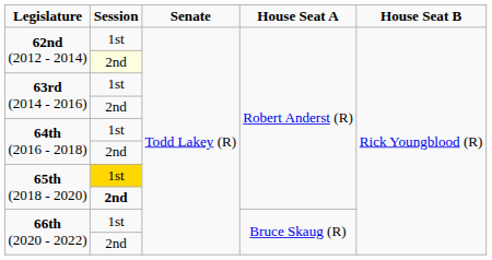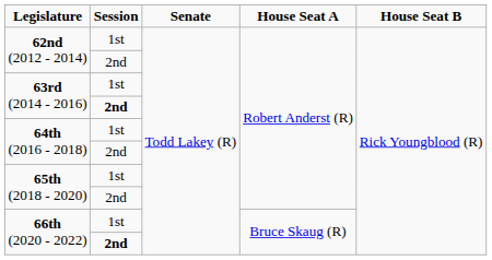 <table class=wikitable style="text-align:center">
 <tr>
 <td><strong>Legislature</strong></td>
 <td><strong>Session</strong></td>
 <td><strong>Senate</strong></td>
 <td><strong>House Seat A</strong></td>
 <td><strong>House Seat B</strong></td>
 </tr>
 <tr>
 <td rowspan="2" colspan="1" style="text-align: center;"><strong>62nd</strong> <br> (2012 - 2014)</td>
 <td>1st</td>
 <td rowspan="10" colspan="1" style="text-align: center;" ><a href='#'>Todd Lakey</a> (R)</td>
 <td rowspan="8" colspan="1" style="text-align: center;" ><a href='#'>Robert Anderst</a> (R)</td>
 <td rowspan="10" colspan="1" style="text-align: center;" ><a href='#'>Rick Youngblood</a> (R)</td>
 </tr>
 <tr>
-<td style="background: lightyellow;">2nd</td>
+<td>2nd</td>
 </tr>
 <tr>
 <td rowspan="2" colspan="1" style="text-align: center;"><strong>63rd</strong> <br> (2014 - 2016)</td>
 <td>1st</td>
 </tr>
 <tr>
-<td>2nd</td>
+<td><strong>2nd</strong></td>
 </tr>
 <tr>
 <td rowspan="2" colspan="1" style="text-align: center;"><strong>64th</strong> <br> (2016 - 2018)</td>
 <td>1st</td>
 </tr>
 <tr>
 <td>2nd</td>
 </tr>
 <tr>
 <td rowspan="2" colspan="1" style="text-align: center;"><strong>65th</strong> <br> (2018 - 2020)</td>
-<td style="background: gold;">1st</td>
+<td>1st</td>
 </tr>
 <tr>
-<td><strong>2nd</strong></td>
+<td>2nd</td>
 </tr>
 <tr>
 <td rowspan="2" colspan="1" style="text-align: center;"><strong>66th</strong> <br> (2020 - 2022)</td>
 <td>1st</td>
 <td rowspan="8" colspan="1" style="text-align: center;" ><a href='#'>Bruce Skaug</a> (R)</td>
 </tr>
 <tr>
-<td>2nd</td>
+<td><strong>2nd</strong></td>
 </tr>
 </table>
